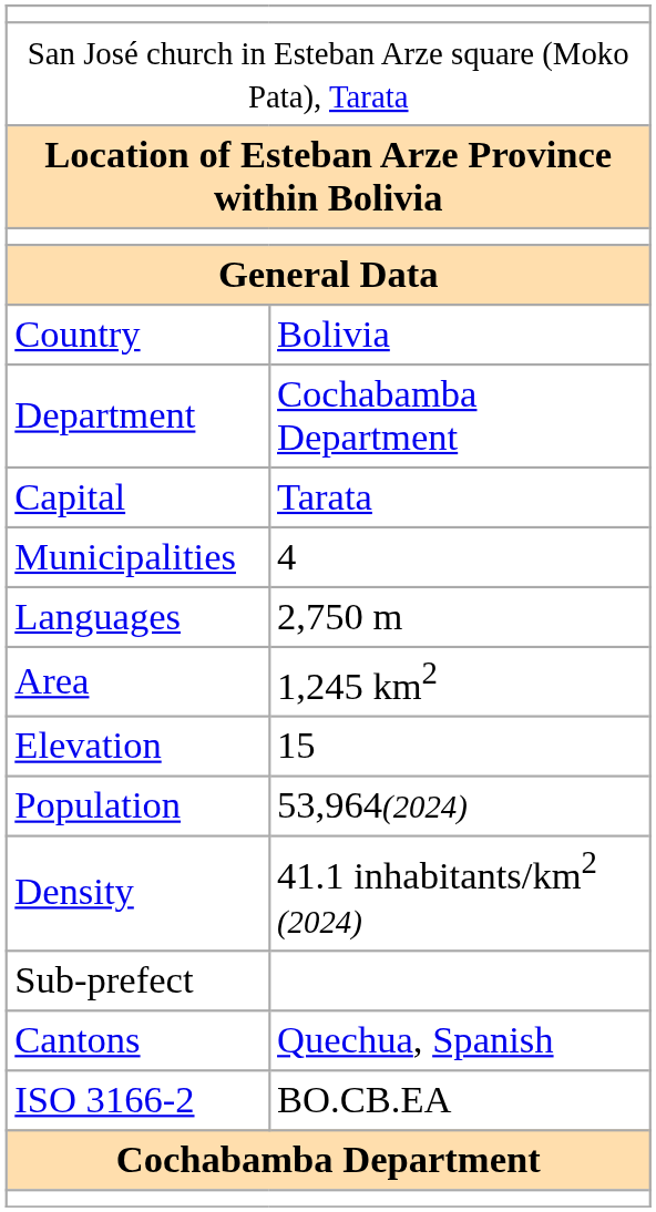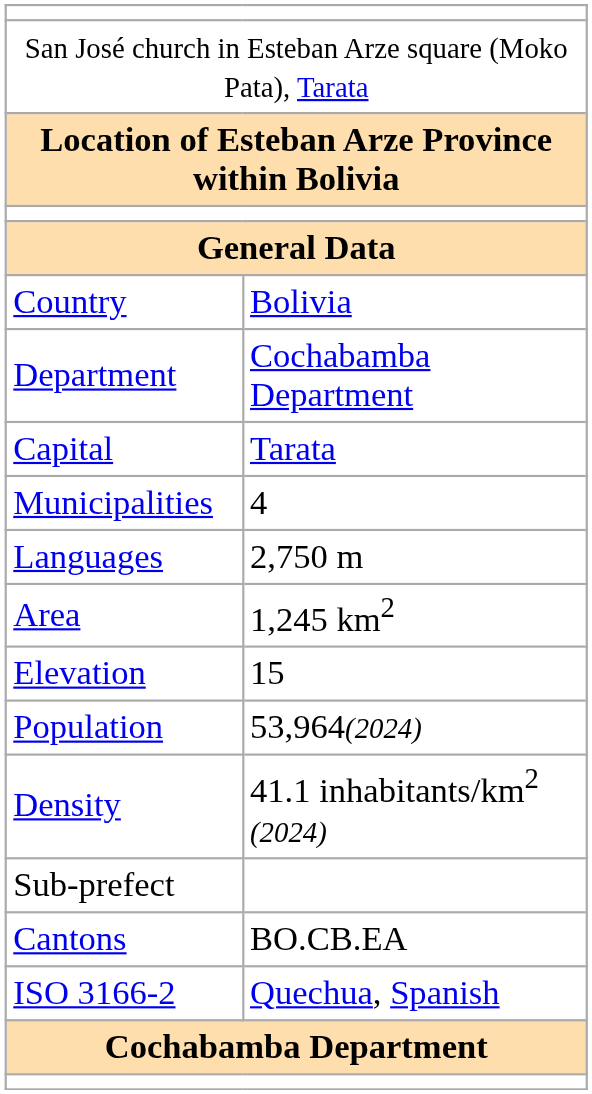 <table border=1 align=right cellpadding=3 cellspacing=0 width=270 style="margin: 0 0 1em 1em; border: 1px #aaa solid; border-collapse: collapse;">
 <tr>
 <td colspan="2" align="center" bgcolor="#ffffff"></td>
 </tr>
 <tr>
 <td colspan="2" align="center" bgcolor="#ffffff"><small>San José church in Esteban Arze square (Moko Pata), <a href='#'>Tarata</a></small></td>
 </tr>
 <tr>
 <th colspan="2" bgcolor="#FFDEAD">Location of Esteban Arze Province within Bolivia</th>
 </tr>
 <tr>
 <td colspan="2" align="center" bgcolor="#ffffff"></td>
 </tr>
 <tr>
 <th colspan="2" bgcolor="#FFDEAD">General Data</th>
 </tr>
 <tr>
 <td><a href='#'>Country</a></td>
 <td> <a href='#'>Bolivia</a></td>
 </tr>
 <tr>
 <td><a href='#'>Department</a></td>
 <td><a href='#'>Cochabamba Department</a></td>
 </tr>
 <tr>
 <td><a href='#'>Capital</a></td>
 <td><a href='#'>Tarata</a></td>
 </tr>
 <tr>
 <td><a href='#'>Municipalities</a></td>
 <td>4</td>
 </tr>
 <tr>
 <td><a href='#'>Languages</a></td>
 <td>2,750 m</td>
 </tr>
 <tr>
 <td><a href='#'>Area</a></td>
 <td>1,245 km<sup>2</sup></td>
 </tr>
 <tr>
 <td><a href='#'>Elevation</a></td>
 <td>15</td>
 </tr>
 <tr>
 <td><a href='#'>Population</a></td>
 <td>53,964<em><small>(2024)</small></em></td>
 </tr>
 <tr>
 <td><a href='#'>Density</a></td>
 <td>41.1 inhabitants/km<sup>2</sup> <em><small>(2024)</small></em></td>
 </tr>
 <tr>
 <td>Sub-prefect</td>
 <td></td>
 </tr>
 <tr>
 <td><a href='#'>Cantons</a></td>
-<td><a href='#'>Quechua</a>, <a href='#'>Spanish</a></td>
+<td>BO.CB.EA</td>
 </tr>
 <tr>
 <td><a href='#'>ISO 3166-2</a></td>
-<td>BO.CB.EA</td>
+<td><a href='#'>Quechua</a>, <a href='#'>Spanish</a></td>
 </tr>
 <tr>
 <th colspan="2" bgcolor="#FFDEAD">Cochabamba Department</th>
 </tr>
 <tr>
 <td colspan="2" align="center" bgcolor="#ffffff"></td>
 </tr>
 </table>
